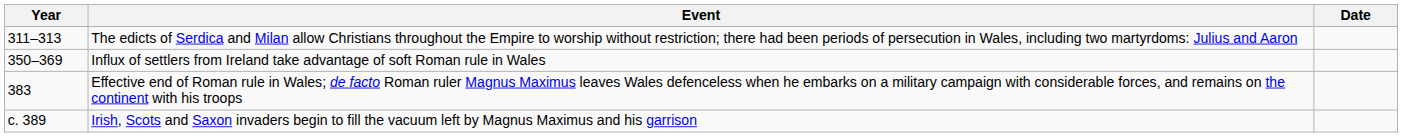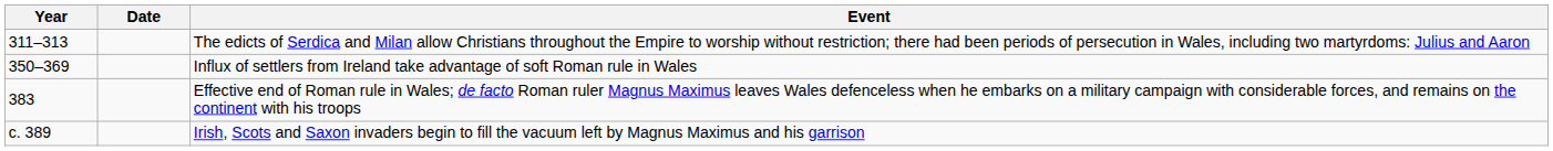 <table class="wikitable" width="100%">
 <tr>
 <th style="width:6%">Year</th>
+<th style="width:6%">Date</th>
 <th>Event</th>
-<th style="width:6%">Date</th>
 </tr>
 <tr>
 <td>311–313</td>
+<td></td>
 <td>The edicts of <a href='#'>Serdica</a> and <a href='#'>Milan</a> allow Christians throughout the Empire to worship without restriction; there had been periods of persecution in Wales, including two martyrdoms: <a href='#'>Julius and Aaron</a></td>
-<td></td>
 </tr>
 <tr>
 <td>350–369</td>
+<td></td>
 <td>Influx of settlers from Ireland take advantage of soft Roman rule in Wales</td>
-<td></td>
 </tr>
 <tr>
 <td>383</td>
+<td></td>
 <td>Effective end of Roman rule in Wales; <em><a href='#'>de facto</a></em> Roman ruler <a href='#'>Magnus Maximus</a> leaves Wales defenceless when he embarks on a military campaign with considerable forces, and remains on <a href='#'>the continent</a> with his troops</td>
-<td></td>
 </tr>
 <tr>
 <td>c. 389</td>
+<td></td>
 <td><a href='#'>Irish</a>, <a href='#'>Scots</a> and <a href='#'>Saxon</a> invaders begin to fill the vacuum left by Magnus Maximus and his <a href='#'>garrison</a></td>
-<td></td>
 </tr>
 </table>
